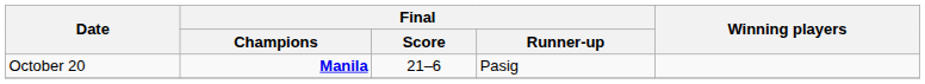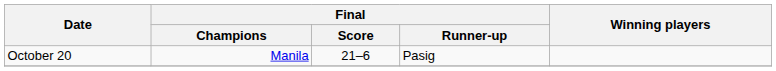 <table class="wikitable plainrowheaders" style="width:75%; text-align:left">
 <tr>
 <th rowspan=2>Date</th>
 <th colspan=3>Final</th>
 <th rowspan=2>Winning players</th>
 </tr>
 <tr>
 <th>Champions</th>
 <th>Score</th>
 <th>Runner-up</th>
 </tr>
 <tr>
 <td>October 20</td>
-<td align=right><strong><a href='#'>Manila</a></strong></td>
+<td align=right><a href='#'>Manila</a></td>
 <td align=center>21–6</td>
 <td align=left>Pasig</td>
 <td></td>
 </tr>
 <tr>
 </tr>
 </table>
